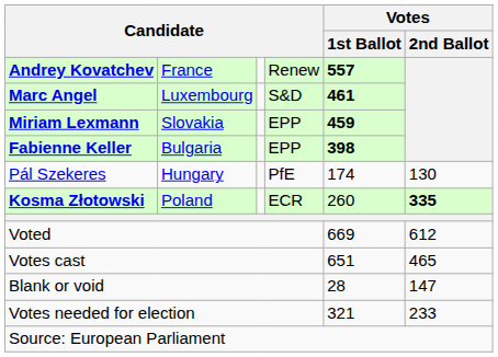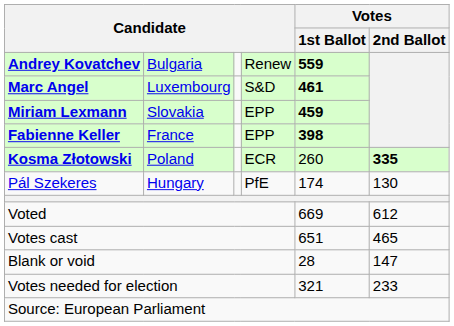 <table class="wikitable">
 <tr>
 <th colspan="4" rowspan="2">Candidate</th>
 <th colspan="2">Votes</th>
 </tr>
 <tr>
 <th>1st Ballot</th>
 <th>2nd Ballot</th>
 </tr>
 <tr>
 <td style="background-color:#d8ffcc"><strong><a href='#'>Andrey Kovatchev</a></strong></td>
-<td style="background-color:#d8ffcc"> <a href='#'>France</a></td>
+<td style="background-color:#d8ffcc"> <a href='#'>Bulgaria</a></td>
 <td style="background-color:width:1px; background-color:"></td>
 <td style="background-color:#d8ffcc">Renew</td>
-<td style="background-color:#d8ffcc"><strong>557</strong></td>
+<td style="background-color:#d8ffcc"><strong>559</strong></td>
 <th rowspan="4"></th>
 </tr>
 <tr>
 <td style="background-color:#d8ffcc"><strong><a href='#'>Marc Angel</a></strong></td>
 <td style="background-color:#d8ffcc"> <a href='#'>Luxembourg</a></td>
 <td style="background-color:width:1px; background-color:"></td>
 <td style="background-color:#d8ffcc">S&D</td>
 <td style="background-color:#d8ffcc"><strong>461</strong></td>
 </tr>
 <tr>
 <td style="background-color:#d8ffcc"><strong><a href='#'>Miriam Lexmann</a></strong></td>
 <td style="background-color:#d8ffcc"> <a href='#'>Slovakia</a></td>
 <td style="background-color:width:1px; background-color:"></td>
 <td style="background-color:#d8ffcc">EPP</td>
 <td style="background-color:#d8ffcc"><strong>459</strong></td>
 </tr>
 <tr>
 <td style="background-color:#d8ffcc"><strong><a href='#'>Fabienne Keller</a></strong></td>
-<td style="background-color:#d8ffcc"> <a href='#'>Bulgaria</a></td>
+<td style="background-color:#d8ffcc"> <a href='#'>France</a></td>
 <td style="background-color:width:1px; background-color:"></td>
 <td style="background-color:#d8ffcc">EPP</td>
 <td style="background-color:#d8ffcc"><strong>398</strong></td>
+</tr>
+<tr>
+<td style="background-color:#d8ffcc"><strong><a href='#'>Kosma Złotowski</a></strong></td>
+<td style="background-color:#d8ffcc"> <a href='#'>Poland</a></td>
+<td style="background-color:width:1px; background-color:"></td>
+<td style="background-color:#d8ffcc">ECR</td>
+<td style="background-color:#d8ffcc">260</td>
+<td style="background-color:#d8ffcc"><strong>335</strong></td>
 </tr>
 <tr>
 <td><a href='#'>Pál Szekeres</a></td>
 <td> <a href='#'>Hungary</a></td>
 <td style="background-color:width:1px; background-color:"></td>
 <td>PfE</td>
 <td>174</td>
 <td>130</td>
-</tr>
-<tr>
-<td style="background-color:#d8ffcc"><strong><a href='#'>Kosma Złotowski</a></strong></td>
-<td style="background-color:#d8ffcc"> <a href='#'>Poland</a></td>
-<td style="background-color:width:1px; background-color:"></td>
-<td style="background-color:#d8ffcc">ECR</td>
-<td style="background-color:#d8ffcc">260</td>
-<td style="background-color:#d8ffcc"><strong>335</strong></td>
 </tr>
 <tr>
 <th colspan="6"></th>
 </tr>
 <tr>
 <td colspan="4">Voted</td>
 <td>669</td>
 <td>612</td>
 </tr>
 <tr>
 <td colspan="4">Votes cast</td>
 <td>651</td>
 <td>465</td>
 </tr>
 <tr>
 <td colspan="4">Blank or void</td>
 <td>28</td>
 <td>147</td>
 </tr>
 <tr>
 <td colspan="4">Votes needed for election</td>
 <td>321</td>
 <td>233</td>
 </tr>
 <tr>
 <td colspan="6">Source: European Parliament</td>
 </tr>
 </table>
